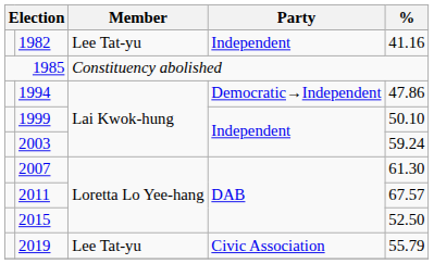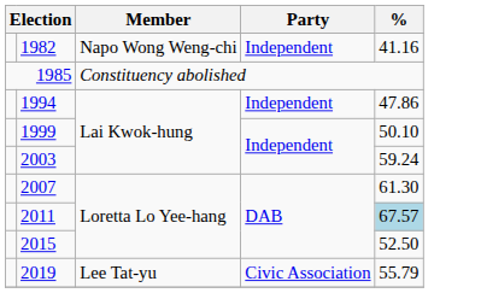 <table class="wikitable">
 <tr>
 <th colspan="2">Election</th>
 <th>Member</th>
 <th>Party</th>
 <th>%</th>
 </tr>
 <tr>
 <td style="background-color: "></td>
 <td><a href='#'>1982</a></td>
-<td>Lee Tat-yu</td>
+<td>Napo Wong Weng-chi</td>
 <td><a href='#'>Independent</a></td>
 <td>41.16</td>
 </tr>
 <tr>
 <td colspan=2 align=right><a href='#'>1985</a></td>
 <td colspan=3><em>Constituency abolished</em></td>
 </tr>
 <tr>
 <td style="background-color: "></td>
 <td><a href='#'>1994</a></td>
 <td rowspan=3>Lai Kwok-hung</td>
-<td><a href='#'>Democratic</a>→<a href='#'>Independent</a></td>
+<td><a href='#'>Independent</a></td>
 <td>47.86</td>
 </tr>
 <tr>
 <td style="background-color: "></td>
 <td><a href='#'>1999</a></td>
 <td rowspan=2><a href='#'>Independent</a></td>
 <td>50.10</td>
 </tr>
 <tr>
 <td style="background-color: "></td>
 <td><a href='#'>2003</a></td>
 <td>59.24</td>
 </tr>
 <tr>
 <td style="background-color: "></td>
 <td><a href='#'>2007</a></td>
 <td rowspan=3>Loretta Lo Yee-hang</td>
 <td rowspan=3><a href='#'>DAB</a></td>
 <td>61.30</td>
 </tr>
 <tr>
 <td style="background-color: "></td>
 <td><a href='#'>2011</a></td>
-<td>67.57</td>
+<td style="background: lightblue;">67.57</td>
 </tr>
 <tr>
 <td style="background-color: "></td>
 <td><a href='#'>2015</a></td>
 <td>52.50</td>
 </tr>
 <tr>
 <td style="background-color: "></td>
 <td><a href='#'>2019</a></td>
 <td>Lee Tat-yu</td>
 <td><a href='#'>Civic Association</a></td>
 <td>55.79</td>
 </tr>
 <tr>
 </tr>
 </table>
